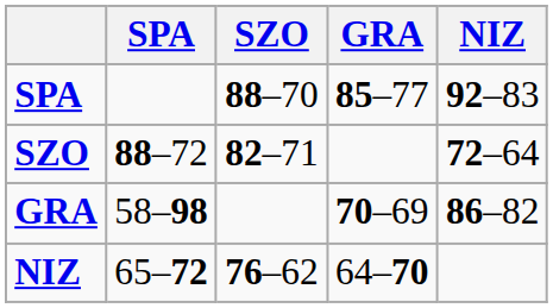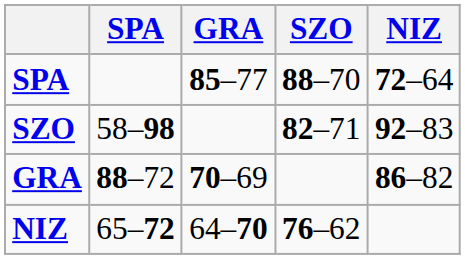 <table class="wikitable">
 <tr>
 <th></th>
 <th> <a href='#'><strong>SPA</strong></a></th>
+<th> <a href='#'>GRA</a></th>
 <th> <a href='#'>SZO</a></th>
-<th> <a href='#'>GRA</a></th>
 <th> <a href='#'>NIZ</a></th>
 </tr>
 <tr>
 <td> <a href='#'><strong>SPA</strong></a></td>
 <td></td>
+<td><strong>85</strong>–77</td>
 <td><strong>88</strong>–70</td>
-<td><strong>85</strong>–77</td>
+<td><strong>72</strong>–64</td>
+</tr>
+<tr>
+<td> <a href='#'><strong>SZO</strong></a></td>
+<td>58–<strong>98</strong></td>
+<td></td>
+<td><strong>82</strong>–71</td>
 <td><strong>92</strong>–83</td>
 </tr>
 <tr>
-<td> <a href='#'><strong>SZO</strong></a></td>
+<td> <a href='#'><strong>GRA</strong></a></td>
 <td><strong>88</strong>–72</td>
-<td><strong>82</strong>–71</td>
+<td><strong>70</strong>–69</td>
 <td></td>
-<td><strong>72</strong>–64</td>
-</tr>
-<tr>
-<td> <a href='#'><strong>GRA</strong></a></td>
-<td>58–<strong>98</strong></td>
-<td></td>
-<td><strong>70</strong>–69</td>
 <td><strong>86</strong>–82</td>
 </tr>
 <tr>
 <td> <a href='#'><strong>NIZ</strong></a></td>
 <td>65–<strong>72</strong></td>
+<td>64–<strong>70</strong></td>
 <td><strong>76</strong>–62</td>
-<td>64–<strong>70</strong></td>
 <td></td>
 </tr>
 </table>
